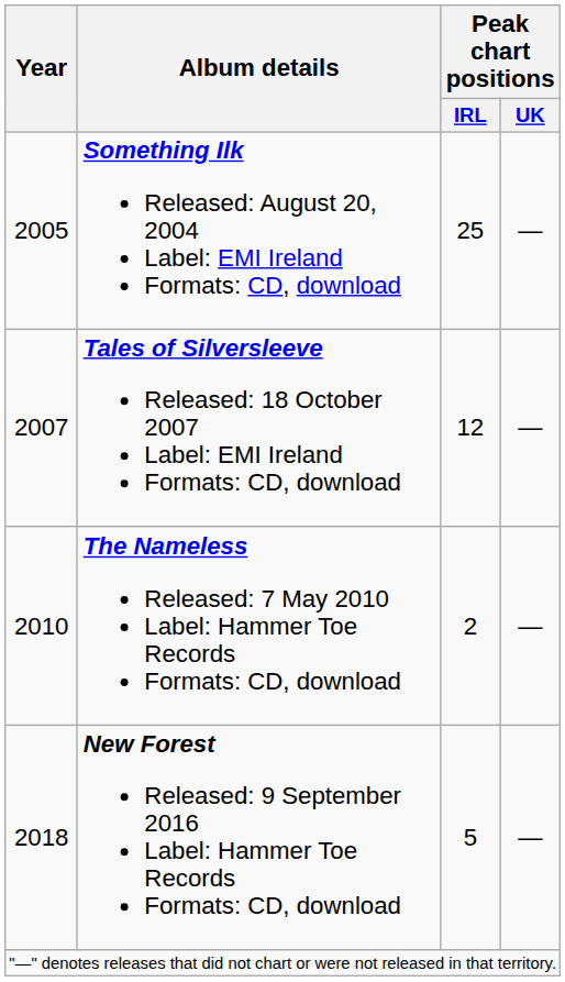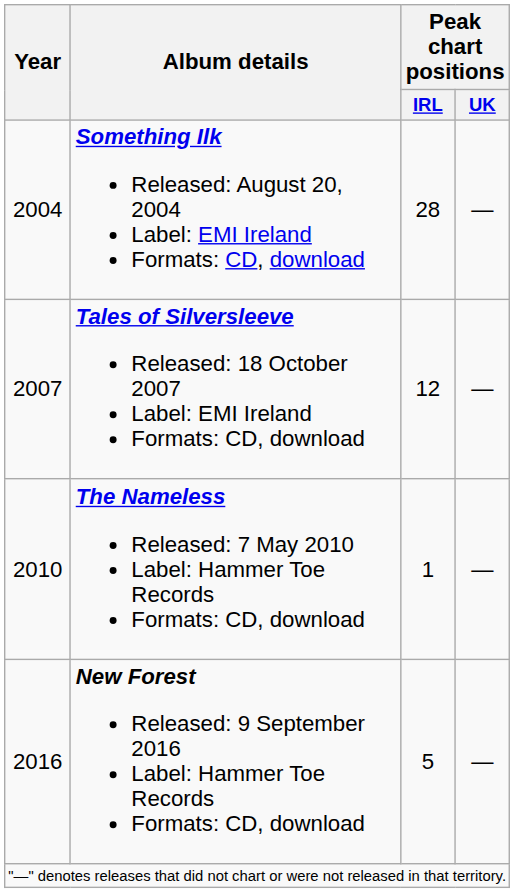 <table class="wikitable" style="text-align: center; ">
 <tr>
 <th rowspan="2">Year</th>
 <th rowspan="2" style="width:230px;">Album details</th>
 <th colspan="2">Peak chart positions</th>
 </tr>
 <tr style="font-size: smaller; ">
 <th style="width:30px;"><a href='#'>IRL</a><br></th>
 <th style="width:30px;"><a href='#'>UK</a></th>
 </tr>
 <tr>
-<td>2005</td>
+<td>2004</td>
 <td style="text-align:left;"><strong><em><a href='#'>Something Ilk</a></em></strong><br><ul><li>Released: August 20, 2004</li><li>Label: <a href='#'>EMI Ireland</a></li><li>Formats: <a href='#'>CD</a>, <a href='#'>download</a></li></ul></td>
-<td>25</td>
+<td>28</td>
 <td>—</td>
 </tr>
 <tr>
 <td>2007</td>
 <td style="text-align:left;"><strong><em><a href='#'>Tales of Silversleeve</a></em></strong><br><ul><li>Released: 18 October 2007</li><li>Label: EMI Ireland</li><li>Formats: CD, download</li></ul></td>
 <td>12</td>
 <td>—</td>
 </tr>
 <tr>
 <td>2010</td>
 <td style="text-align:left;"><strong><em><a href='#'>The Nameless</a></em></strong><br><ul><li>Released: 7 May 2010</li><li>Label: Hammer Toe Records</li><li>Formats: CD, download</li></ul></td>
-<td>2</td>
+<td>1</td>
 <td>—</td>
 </tr>
 <tr>
-<td>2018</td>
+<td>2016</td>
 <td style="text-align:left;"><strong><em>New Forest</em></strong><br><ul><li>Released: 9 September 2016</li><li>Label: Hammer Toe Records</li><li>Formats: CD, download</li></ul></td>
 <td>5</td>
 <td>—</td>
 </tr>
 <tr>
 <td colspan="12" style="text-align:center; font-size:8pt;">"—" denotes releases that did not chart or were not released in that territory.</td>
 </tr>
 </table>
